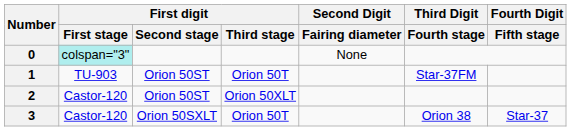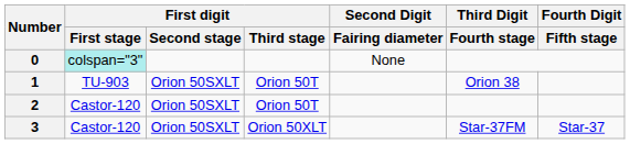 <table class="wikitable">
 <tr>
 <th rowspan=2>Number</th>
 <th colspan=3>First digit</th>
 <th>Second Digit</th>
 <th>Third Digit</th>
 <th>Fourth Digit</th>
 </tr>
 <tr>
 <th>First stage</th>
 <th>Second stage</th>
 <th>Third stage</th>
 <th>Fairing diameter</th>
 <th>Fourth stage</th>
 <th>Fifth stage</th>
 </tr>
 <tr align="center">
 <th>0</th>
 <td style="background: paleturquoise;">colspan="3" </td>
 <td></td>
 <td></td>
 <td>None</td>
 </tr>
 <tr align="center">
 <th>1</th>
 <td><a href='#'>TU-903</a></td>
-<td><a href='#'>Orion 50ST</a></td>
+<td><a href='#'>Orion 50SXLT</a></td>
 <td><a href='#'>Orion 50T</a></td>
 <td></td>
-<td><a href='#'>Star-37FM</a></td>
+<td><a href='#'>Orion 38</a></td>
 <td></td>
 </tr>
 <tr align="center">
 <th>2</th>
 <td><a href='#'>Castor-120</a></td>
-<td><a href='#'>Orion 50ST</a></td>
-<td><a href='#'>Orion 50XLT</a></td>
+<td><a href='#'>Orion 50SXLT</a></td>
+<td><a href='#'>Orion 50T</a></td>
 <td></td>
 <td></td>
 <td></td>
 </tr>
 <tr align="center">
 <th>3</th>
 <td><a href='#'>Castor-120</a></td>
 <td><a href='#'>Orion 50SXLT</a></td>
-<td><a href='#'>Orion 50T</a></td>
+<td><a href='#'>Orion 50XLT</a></td>
 <td></td>
-<td><a href='#'>Orion 38</a></td>
+<td><a href='#'>Star-37FM</a></td>
 <td><a href='#'>Star-37</a></td>
 </tr>
 </table>
